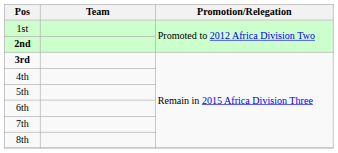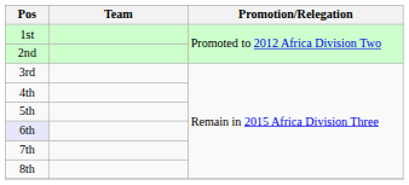 <table class="wikitable">
 <tr>
 <th width=50>Pos</th>
 <th width=175>Team</th>
 <th width=275>Promotion/Relegation</th>
 </tr>
 <tr style="background:#ccffcc">
 <td align="center">1st</td>
 <td></td>
 <td rowspan=2>Promoted to <a href='#'>2012 Africa Division Two</a></td>
 </tr>
 <tr style="background:#ccffcc">
-<td align="center"><strong>2nd</strong></td>
+<td align="center">2nd</td>
 <td></td>
 </tr>
 <tr>
-<td align="center"><strong>3rd</strong></td>
+<td align="center">3rd</td>
 <td></td>
 <td rowspan=6>Remain in <a href='#'>2015 Africa Division Three</a></td>
 </tr>
 <tr>
 <td align="center">4th</td>
 <td></td>
 </tr>
 <tr>
 <td align="center">5th</td>
 <td></td>
 </tr>
 <tr>
-<td align="center">6th</td>
+<td align="center" style="background: lavender;">6th</td>
 <td></td>
 </tr>
 <tr>
 <td align="center">7th</td>
 <td></td>
 </tr>
 <tr>
 <td align="center">8th</td>
 <td></td>
 </tr>
 <tr>
 </tr>
 </table>
